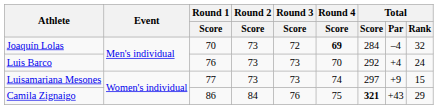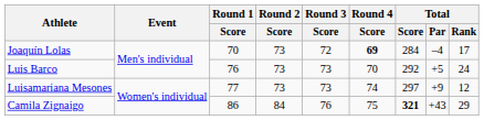 <table class=wikitable style=font-size:90%;text-align:center>
 <tr>
 <th rowspan=2>Athlete</th>
 <th rowspan=2>Event</th>
 <th>Round 1</th>
 <th>Round 2</th>
 <th>Round 3</th>
 <th>Round 4</th>
 <th colspan=3>Total</th>
 </tr>
 <tr style=font-size:95%>
 <th>Score</th>
 <th>Score</th>
 <th>Score</th>
 <th>Score</th>
 <th>Score</th>
 <th>Par</th>
 <th>Rank</th>
 </tr>
 <tr>
 <td align=left><a href='#'>Joaquín Lolas</a></td>
 <td align=left rowspan=2><a href='#'>Men's individual</a></td>
 <td>70</td>
 <td>73</td>
 <td>72</td>
 <td><strong>69</strong></td>
 <td>284</td>
 <td>–4</td>
-<td>32</td>
+<td>17</td>
 </tr>
 <tr>
 <td align=left><a href='#'>Luis Barco⁣</a></td>
 <td>76</td>
 <td>73</td>
 <td>73</td>
 <td>70</td>
 <td>292</td>
-<td>+4</td>
+<td>+5</td>
 <td>24</td>
 </tr>
 <tr>
 <td align=left><a href='#'>Luisamariana Mesones</a></td>
 <td align=left rowspan=2><a href='#'>Women's individual</a></td>
 <td>77</td>
 <td>73</td>
 <td>73</td>
 <td>74</td>
 <td>297</td>
 <td>+9</td>
-<td>15</td>
+<td>12</td>
 </tr>
 <tr>
 <td align=left><a href='#'>Camila Zignaigo</a></td>
 <td>86</td>
 <td>84</td>
 <td>76</td>
 <td>75</td>
 <td><strong>321</strong></td>
 <td>+43</td>
 <td>29</td>
 </tr>
 </table>
